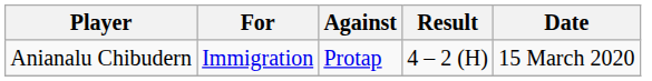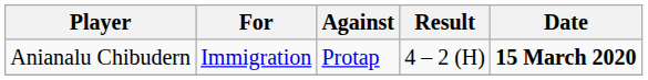 <table class="wikitable">
 <tr>
 <th>Player</th>
 <th>For</th>
 <th>Against</th>
 <th style="text-align:center">Result</th>
 <th>Date</th>
 </tr>
 <tr>
 <td> Anianalu Chibudern</td>
 <td><a href='#'>Immigration</a></td>
 <td><a href='#'>Protap</a></td>
 <td>4 – 2 (H)</td>
-<td>15 March 2020</td>
+<td><strong>15 March 2020</strong></td>
 </tr>
 <tr>
 </tr>
 </table>
